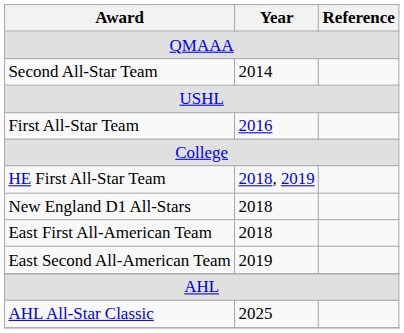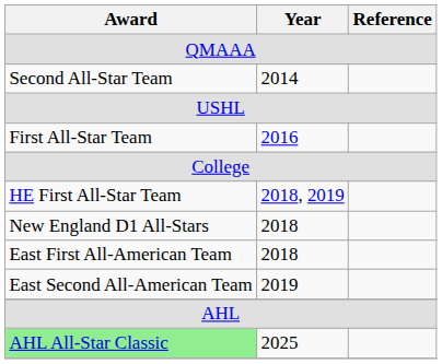 <table class="wikitable">
 <tr>
 <th>Award</th>
 <th>Year</th>
 <th>Reference</th>
 </tr>
 <tr ALIGN="center" bgcolor="#e0e0e0">
 <td colspan="3"><a href='#'>QMAAA</a></td>
 </tr>
 <tr>
 <td>Second All-Star Team</td>
 <td>2014</td>
 <td></td>
 </tr>
 <tr ALIGN="center" bgcolor="#e0e0e0">
 <td colspan="3"><a href='#'>USHL</a></td>
 </tr>
 <tr>
 <td>First All-Star Team</td>
 <td><a href='#'>2016</a></td>
 <td></td>
 </tr>
 <tr ALIGN="center" bgcolor="#e0e0e0">
 <td colspan="3"><a href='#'>College</a></td>
 </tr>
 <tr>
 <td><a href='#'>HE</a> First All-Star Team</td>
 <td><a href='#'>2018</a>, <a href='#'>2019</a></td>
 <td></td>
 </tr>
 <tr>
 <td>New England D1 All-Stars</td>
 <td>2018</td>
 <td></td>
 </tr>
 <tr>
 <td>East First All-American Team</td>
 <td>2018</td>
 <td></td>
 </tr>
 <tr>
 <td>East Second All-American Team</td>
 <td>2019</td>
 <td></td>
 </tr>
 <tr>
 </tr>
 <tr ALIGN="center" bgcolor="#e0e0e0">
 <td colspan="3"><a href='#'>AHL</a></td>
 </tr>
 <tr>
-<td><a href='#'>AHL All-Star Classic</a></td>
+<td style="background: lightgreen;"><a href='#'>AHL All-Star Classic</a></td>
 <td>2025</td>
 <td></td>
 </tr>
 <tr>
 </tr>
 </table>
